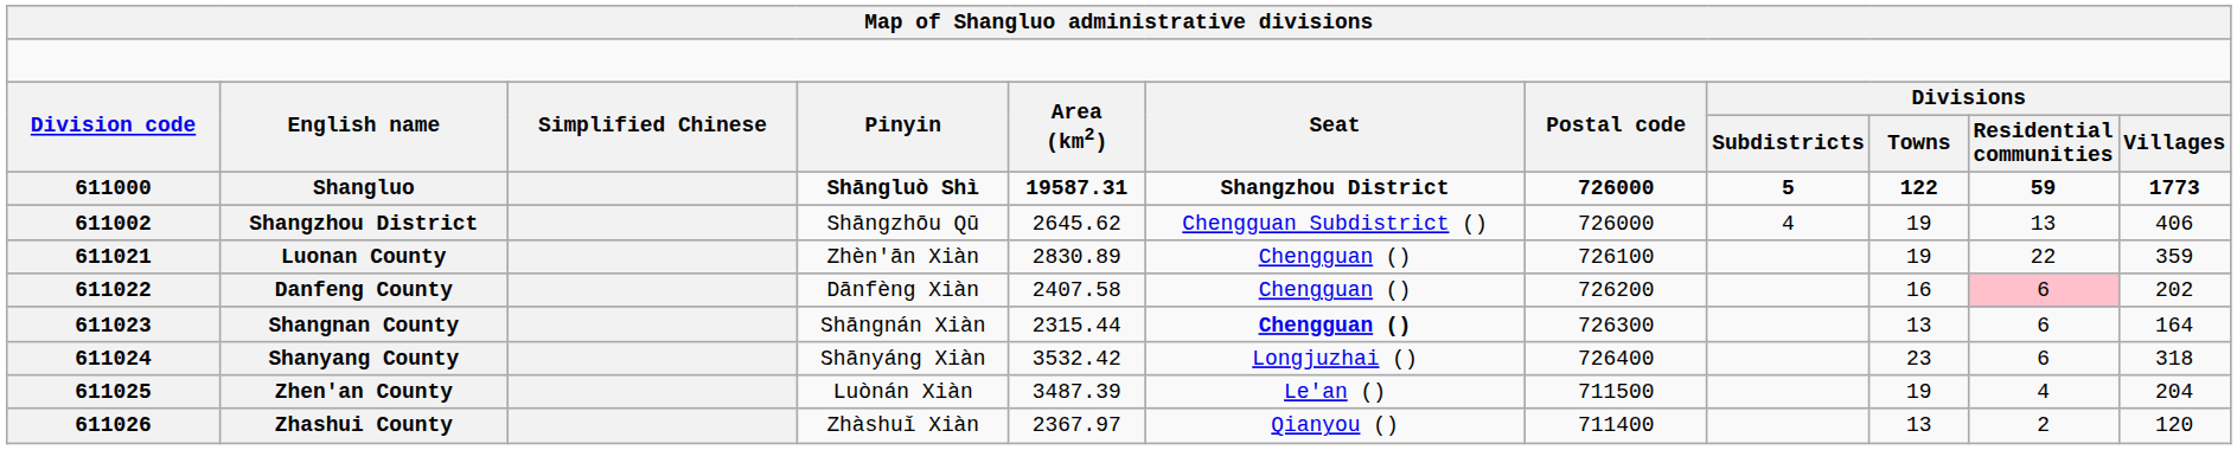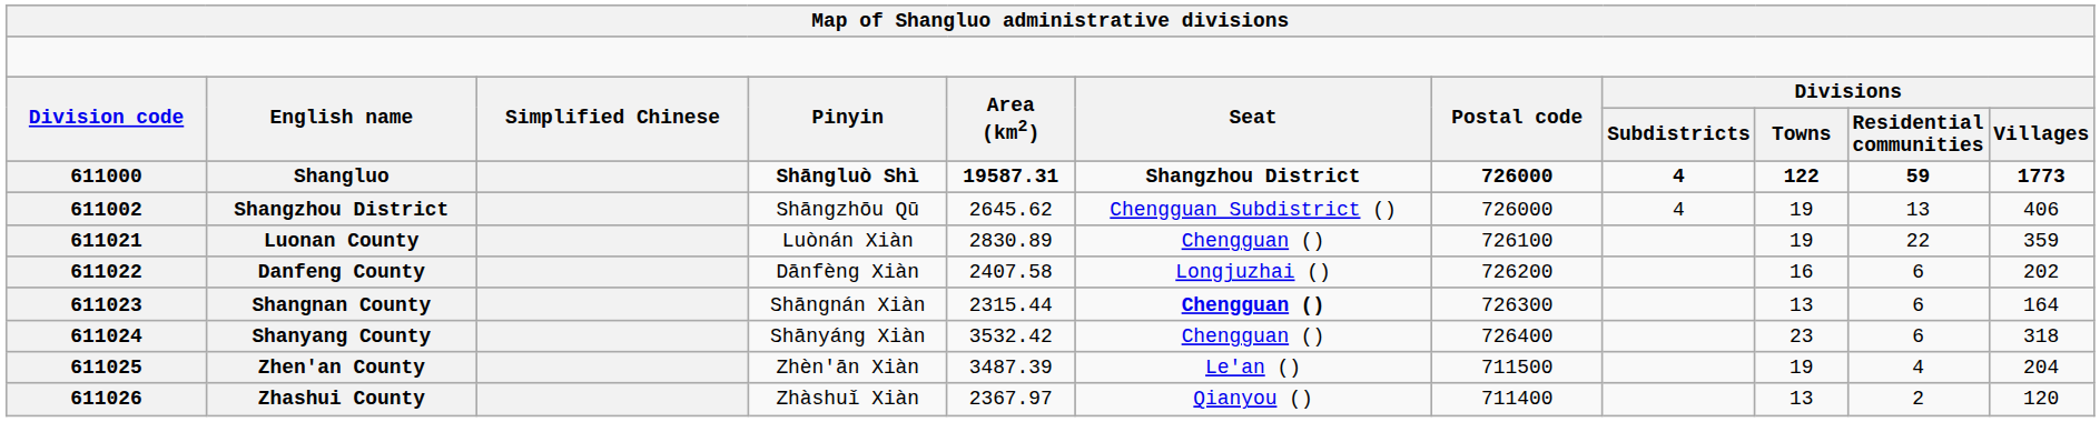 <table class="wikitable" style="margin: 1em auto 1em auto; width:90%; font-size:smaller">
 <tr>
 <th colspan=11><strong>Map of Shangluo administrative divisions</strong></th>
 </tr>
 <tr>
 <td colspan=11 align="center" style="font-size:larger"><div><br>          </div></td>
 </tr>
 <tr>
 <th ! scope="col" rowspan=2><a href='#'>Division code</a></th>
 <th ! scope="col" rowspan=2>English name</th>
 <th ! scope="col" rowspan=2>Simplified Chinese</th>
 <th ! scope="col" rowspan=2>Pinyin</th>
 <th ! scope="col" rowspan=2>Area<br> (km<sup>2</sup>)</th>
 <th ! scope="col" rowspan=2>Seat</th>
 <th ! scope="col" rowspan=2>Postal code</th>
 <th ! scope="col" colspan=4>Divisions</th>
 </tr>
 <tr>
 <th ! scope="col" width="45">Subdistricts</th>
 <th ! scope="col" width="45">Towns</th>
 <th ! scope="col" width="45">Residential communities</th>
 <th ! scope="col" width="45">Villages</th>
 </tr>
 <tr align="center" style="font-weight:bold">
 <th>611000</th>
 <th>Shangluo</th>
 <th></th>
 <td>Shāngluò Shì</td>
 <td>19587.31</td>
 <td>Shangzhou District</td>
 <td>726000</td>
-<td>5</td>
+<td>4</td>
 <td>122</td>
 <td>59</td>
 <td>1773</td>
 </tr>
 <tr align="center">
 <th>611002</th>
 <th>Shangzhou District</th>
 <th></th>
 <td>Shāngzhōu Qū</td>
 <td>2645.62</td>
 <td><a href='#'>Chengguan Subdistrict</a> ()</td>
 <td>726000</td>
 <td>4</td>
 <td>19</td>
 <td>13</td>
 <td>406</td>
 </tr>
 <tr align="center">
 <th>611021</th>
 <th>Luonan County</th>
 <th></th>
-<td>Zhèn'ān Xiàn</td>
+<td>Luònán Xiàn</td>
 <td>2830.89</td>
 <td><a href='#'>Chengguan</a> ()</td>
 <td>726100</td>
 <td></td>
 <td>19</td>
 <td>22</td>
 <td>359</td>
 </tr>
 <tr align="center">
 <th>611022</th>
 <th>Danfeng County</th>
 <th></th>
 <td>Dānfèng Xiàn</td>
 <td>2407.58</td>
-<td><a href='#'>Chengguan</a> ()</td>
+<td><a href='#'>Longjuzhai</a> ()</td>
 <td>726200</td>
 <td></td>
 <td>16</td>
-<td style="background: pink;">6</td>
+<td>6</td>
 <td>202</td>
 </tr>
 <tr align="center">
 <th>611023</th>
 <th>Shangnan County</th>
 <th></th>
 <td>Shāngnán Xiàn</td>
 <td>2315.44</td>
 <td><strong><a href='#'>Chengguan</a> ()</strong></td>
 <td>726300</td>
 <td></td>
 <td>13</td>
 <td>6</td>
 <td>164</td>
 </tr>
 <tr align="center">
 <th>611024</th>
 <th>Shanyang County</th>
 <th></th>
 <td>Shānyáng Xiàn</td>
 <td>3532.42</td>
-<td><a href='#'>Longjuzhai</a> ()</td>
+<td><a href='#'>Chengguan</a> ()</td>
 <td>726400</td>
 <td></td>
 <td>23</td>
 <td>6</td>
 <td>318</td>
 </tr>
 <tr align="center">
 <th>611025</th>
 <th>Zhen'an County</th>
 <th></th>
-<td>Luònán Xiàn</td>
+<td>Zhèn'ān Xiàn</td>
 <td>3487.39</td>
 <td><a href='#'>Le'an</a> ()</td>
 <td>711500</td>
 <td></td>
 <td>19</td>
 <td>4</td>
 <td>204</td>
 </tr>
 <tr align="center">
 <th>611026</th>
 <th>Zhashui County</th>
 <th></th>
 <td>Zhàshuǐ Xiàn</td>
 <td>2367.97</td>
 <td><a href='#'>Qianyou</a> ()</td>
 <td>711400</td>
 <td></td>
 <td>13</td>
 <td>2</td>
 <td>120</td>
 </tr>
 </table>
